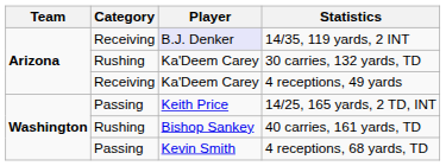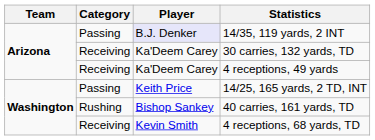 <table class="wikitable" style="float: right;">
 <tr>
 <th>Team</th>
 <th>Category</th>
 <th>Player</th>
 <th>Statistics</th>
 </tr>
 <tr>
 <td rowspan=3><strong>Arizona</strong></td>
-<td>Receiving</td>
+<td>Passing</td>
 <td style="background: lavender;">B.J. Denker</td>
 <td>14/35, 119 yards, 2 INT</td>
 </tr>
 <tr>
-<td>Rushing</td>
+<td>Receiving</td>
 <td>Ka'Deem Carey</td>
 <td>30 carries, 132 yards, TD</td>
 </tr>
 <tr>
 <td>Receiving</td>
 <td>Ka'Deem Carey</td>
 <td>4 receptions, 49 yards</td>
 </tr>
 <tr>
 <td rowspan=3><strong>Washington</strong></td>
 <td>Passing</td>
 <td><a href='#'>Keith Price</a></td>
 <td>14/25, 165 yards, 2 TD, INT</td>
 </tr>
 <tr>
 <td>Rushing</td>
 <td><a href='#'>Bishop Sankey</a></td>
 <td>40 carries, 161 yards, TD</td>
 </tr>
 <tr>
-<td>Passing</td>
+<td>Receiving</td>
 <td><a href='#'>Kevin Smith</a></td>
 <td>4 receptions, 68 yards, TD</td>
 </tr>
 </table>
